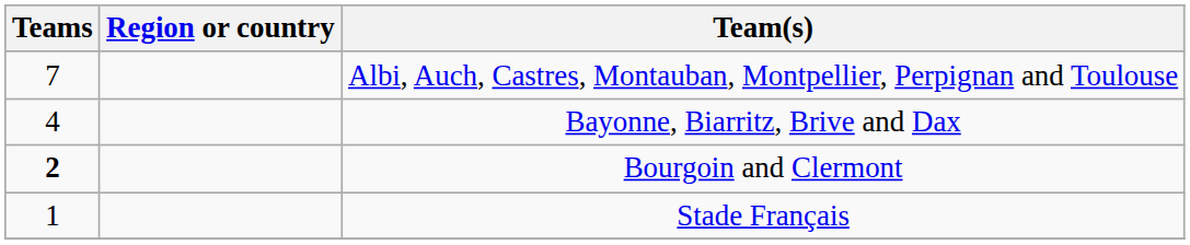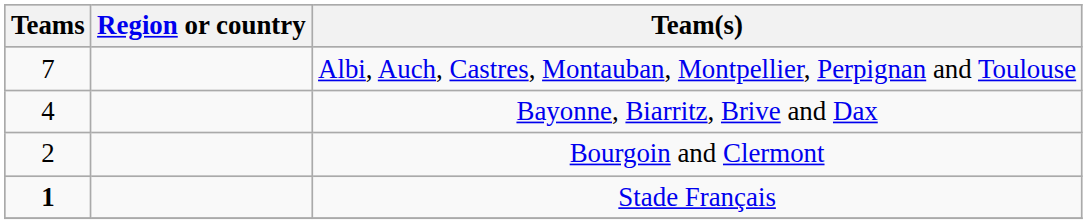 <table class="wikitable" style="text-align:center">
 <tr>
 <th>Teams</th>
 <th><a href='#'>Region</a> or country</th>
 <th>Team(s)</th>
 </tr>
 <tr>
 <td>7</td>
 <td align="left"></td>
 <td><a href='#'>Albi</a>, <a href='#'>Auch</a>, <a href='#'>Castres</a>, <a href='#'>Montauban</a>, <a href='#'>Montpellier</a>, <a href='#'>Perpignan</a> and <a href='#'>Toulouse</a></td>
 </tr>
 <tr>
 <td>4</td>
 <td align="left"></td>
 <td><a href='#'>Bayonne</a>, <a href='#'>Biarritz</a>, <a href='#'>Brive</a> and <a href='#'>Dax</a></td>
 </tr>
 <tr>
-<td><strong>2</strong></td>
+<td>2</td>
 <td align="left"></td>
 <td><a href='#'>Bourgoin</a> and <a href='#'>Clermont</a></td>
 </tr>
 <tr>
-<td>1</td>
+<td><strong>1</strong></td>
 <td align="left"></td>
 <td><a href='#'>Stade Français</a></td>
 </tr>
 <tr>
 </tr>
 </table>
